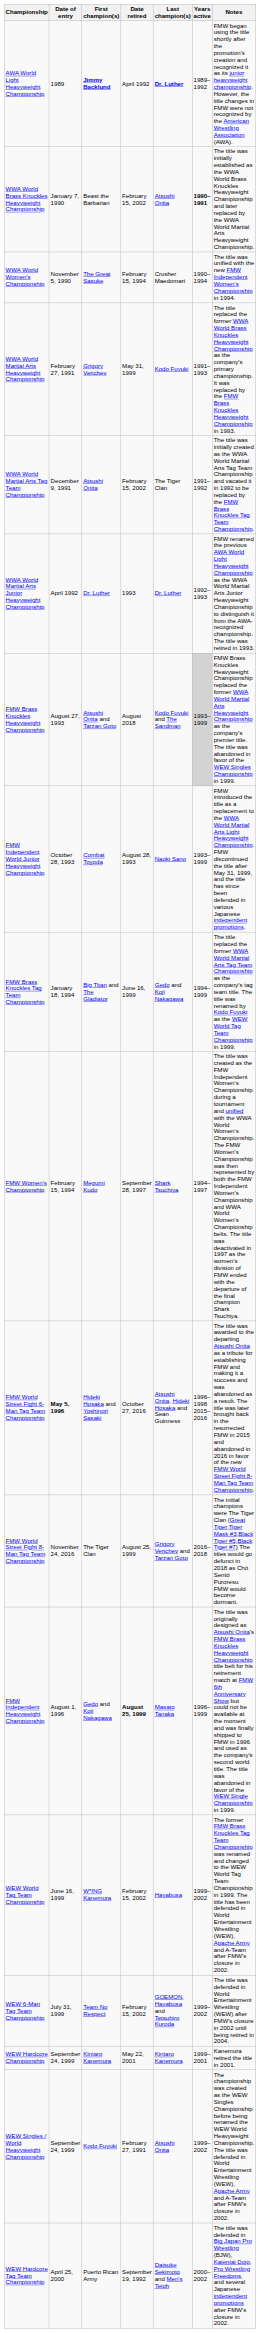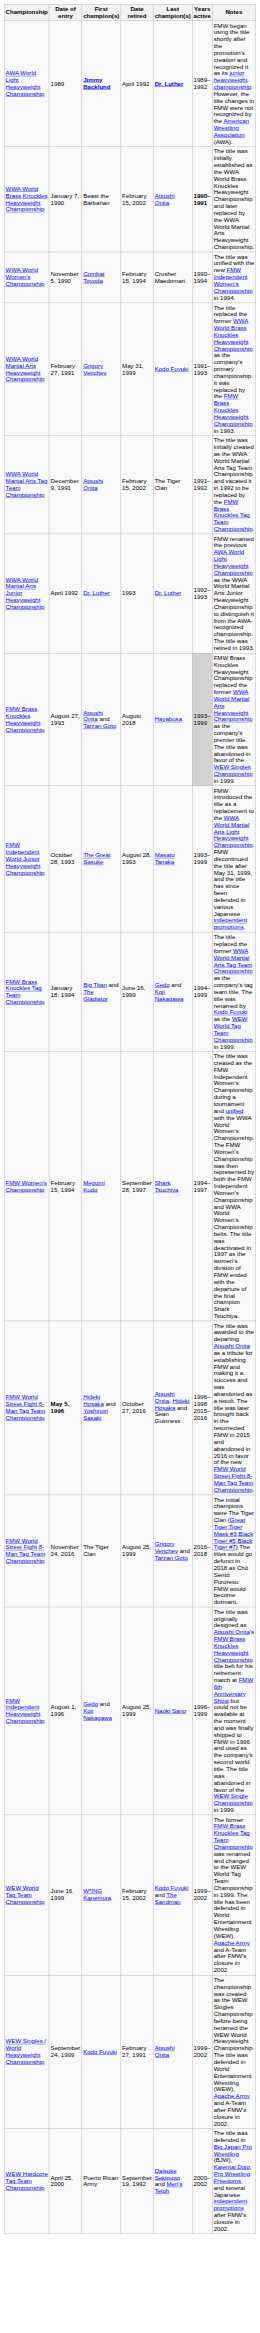 <table class="wikitable">
 <tr>
 <th>Championship</th>
 <th>Date of entry</th>
 <th>First champion(s)<br></th>
 <th>Date retired</th>
 <th>Last champion(s)<br></th>
 <th width="10%">Years active</th>
 <th>Notes</th>
 </tr>
 <tr>
 <td><a href='#'>AWA World Light Heavyweight Championship</a></td>
 <td>1989</td>
 <td><strong><a href='#'>Jimmy Backlund</a></strong></td>
 <td>April 1992</td>
 <td><strong><a href='#'>Dr. Luther</a></strong></td>
 <td>1989–1992</td>
 <td>FMW began using the title shortly after the promotion's creation and recognized it as its <a href='#'>junior heavyweight championship</a>. However, the title changes in FMW were not recognized by the <a href='#'>American Wrestling Association</a> (AWA).</td>
 </tr>
 <tr>
 <td><a href='#'>WWA World Brass Knuckles Heavyweight Championship</a></td>
 <td>January 7, 1990</td>
 <td>Beast the Barbarian</td>
 <td>February 15, 2002</td>
 <td><a href='#'>Atsushi Onita</a></td>
 <td><strong>1990–1991</strong></td>
 <td>The title was initially established as the WWA World Brass Knuckles Heavyweight Championship and later replaced by the WWA World Martial Arts Heavyweight Championship.</td>
 </tr>
 <tr>
 <td><a href='#'>WWA World Women's Championship</a></td>
 <td>November 5, 1990</td>
-<td><a href='#'>The Great Sasuke</a></td>
+<td><a href='#'>Combat Toyoda</a></td>
 <td>February 15, 1994</td>
 <td>Crusher Maedomari</td>
 <td>1990–1994</td>
 <td>The title was unified with the new <a href='#'>FMW Independent Women's Championship</a> in 1994.</td>
 </tr>
 <tr>
 <td><a href='#'>WWA World Martial Arts Heavyweight Championship</a></td>
 <td>February 27, 1991</td>
 <td><a href='#'>Grigory Verichev</a></td>
 <td>May 31, 1999</td>
 <td><a href='#'>Kodo Fuyuki</a></td>
 <td>1991–1993</td>
 <td>The title replaced the former <a href='#'>WWA World Brass Knuckles Heavyweight Championship</a> as the company's primary championship. It was replaced by the <a href='#'>FMW Brass Knuckles Heavyweight Championship</a> in 1993.</td>
 </tr>
 <tr>
 <td><a href='#'>WWA World Martial Arts Tag Team Championship</a></td>
 <td>December 9, 1991</td>
 <td><a href='#'>Atsushi Onita</a></td>
 <td>February 15, 2002</td>
 <td>The Tiger Clan</td>
 <td>1991–1992</td>
 <td>The title was initially created as the WWA World Martial Arts Tag Team Championship and vacated it in 1992 to be replaced by the <a href='#'>FMW Brass Knuckles Tag Team Championship</a>.</td>
 </tr>
 <tr>
 <td><a href='#'>WWA World Martial Arts Junior Heavyweight Championship</a></td>
 <td>April 1992</td>
 <td><a href='#'>Dr. Luther</a></td>
 <td>1993</td>
 <td><a href='#'>Dr. Luther</a></td>
 <td>1992–1993</td>
 <td>FMW renamed the previous <a href='#'>AWA World Light Heavyweight Championship</a> as the WWA World Martial Arts Junior Heavyweight Championship to distinguish it from the AWA-recognized championship. The title was retired in 1993.</td>
 </tr>
 <tr>
 <td><a href='#'>FMW Brass Knuckles Heavyweight Championship</a></td>
 <td>August 27, 1993</td>
 <td><a href='#'>Atsushi Onita</a> and <a href='#'>Tarzan Goto</a></td>
 <td>August 2018</td>
-<td><a href='#'>Kodo Fuyuki</a> and <a href='#'>The Sandman</a></td>
+<td><a href='#'>Hayabusa</a></td>
 <td style="background: lightgrey;">1993–1999</td>
 <td>FMW Brass Knuckles Heavyweight Championship replaced the former <a href='#'>WWA World Martial Arts Heavyweight Championship</a> as the company's premier title. The title was abandoned in favor of the <a href='#'>WEW Singles Championship</a> in 1999.</td>
 </tr>
 <tr>
 <td><a href='#'>FMW Independent World Junior Heavyweight Championship</a></td>
 <td>October 28, 1993</td>
-<td><a href='#'>Combat Toyoda</a></td>
+<td><a href='#'>The Great Sasuke</a></td>
 <td>August 28, 1993</td>
-<td><a href='#'>Naoki Sano</a></td>
+<td><a href='#'>Masato Tanaka</a></td>
 <td>1993–1999</td>
 <td>FMW introduced the title as a replacement to the <a href='#'>WWA World Martial Arts Light Heavyweight Championship</a>. FMW discontinued the title after May 31, 1999, and the title has since been defended in various Japanese <a href='#'>independent promotions</a>.</td>
 </tr>
 <tr>
 <td><a href='#'>FMW Brass Knuckles Tag Team Championship</a></td>
 <td>January 18, 1994</td>
 <td><a href='#'>Big Titan</a> and <a href='#'>The Gladiator</a></td>
 <td>June 16, 1999</td>
 <td><a href='#'>Gedo</a> and <a href='#'>Koji Nakagawa</a></td>
 <td>1994–1999</td>
 <td>The title replaced the former <a href='#'>WWA World Martial Arts Tag Team Championship</a> as the company's tag team title. The title was renamed by <a href='#'>Kodo Fuyuki</a> as the <a href='#'>WEW World Tag Team Championship</a> in 1999.</td>
 </tr>
 <tr>
 <td><a href='#'>FMW Women's Championship</a></td>
 <td>February 15, 1994</td>
 <td><a href='#'>Megumi Kudo</a></td>
 <td>September 28, 1997</td>
 <td><a href='#'>Shark Tsuchiya</a></td>
 <td>1994–1997</td>
 <td>The title was created as the FMW Independent Women's Championship during a tournament and <a href='#'>unified</a> with the WWA World Women's Championship. The FMW Women's Championship was then represented by both the FMW Independent Women's Championship and WWA World Women's Championship belts. The title was deactivated in 1997 as the women's division of FMW ended with the departure of the final champion Shark Tsuchiya.</td>
 </tr>
 <tr>
 <td><a href='#'>FMW World Street Fight 6-Man Tag Team Championship</a></td>
 <td><strong>May 5, 1996</strong></td>
 <td><a href='#'>Hideki Hosaka</a> and <a href='#'>Yoshinori Sasaki</a></td>
 <td>October 27, 2016</td>
 <td><a href='#'>Atsushi Onita</a>, <a href='#'>Hideki Hosaka</a> and Sean Guinness</td>
 <td>1996–1998<br>2015–2016</td>
 <td>The title was awarded to the departing <a href='#'>Atsushi Onita</a> as a tribute for establishing FMW and making it a success and was abandoned as a result. The title was later brought back in the resurrected FMW in 2015 and abandoned in 2016 in favor of the new <a href='#'>FMW World Street Fight 8-Man Tag Team Championship</a>.</td>
 </tr>
 <tr>
 <td><a href='#'>FMW World Street Fight 8-Man Tag Team Championship</a></td>
 <td>November 24, 2016</td>
 <td>The Tiger Clan</td>
 <td>August 25, 1999</td>
 <td><a href='#'>Grigory Verichev</a> and <a href='#'>Tarzan Goto</a></td>
 <td>2016–2018</td>
 <td>The initial champions were The Tiger Clan (<a href='#'>Great Tiger</a>,<a href='#'>Tiger Mask #3</a>,<a href='#'>Black Tiger #5</a>,<a href='#'>Black Tiger #7</a>) The titles would go defunct in 2018 as Chō Sentō Puroresu FMW would become dormant.</td>
 </tr>
 <tr>
 <td><a href='#'>FMW Independent Heavyweight Championship</a></td>
 <td>August 1, 1996</td>
 <td><a href='#'>Gedo</a> and <a href='#'>Koji Nakagawa</a></td>
-<td><strong>August 25, 1999</strong></td>
-<td><a href='#'>Masato Tanaka</a></td>
+<td>August 25, 1999</td>
+<td><a href='#'>Naoki Sano</a></td>
 <td>1996–1999</td>
 <td>The title was originally designed as <a href='#'>Atsushi Onita</a>'s <a href='#'>FMW Brass Knuckles Heavyweight Championship</a> title belt for his retirement match at <a href='#'>FMW 6th Anniversary Show</a> but could not be available at the moment and was finally shipped to FMW in 1996 and used as the company's second world title. The title was abandoned in favor of the <a href='#'>WEW Single Championship</a> in 1999.</td>
 </tr>
 <tr>
 <td><a href='#'>WEW World Tag Team Championship</a></td>
 <td>June 16, 1999</td>
 <td><a href='#'>W*ING Kanemura</a></td>
 <td>February 15, 2002</td>
-<td><a href='#'>Hayabusa</a></td>
+<td><a href='#'>Kodo Fuyuki</a> and <a href='#'>The Sandman</a></td>
 <td>1999–2002</td>
 <td>The former <a href='#'>FMW Brass Knuckles Tag Team Championship</a> was renamed and changed to the WEW World Tag Team Championship in 1999. The title has been defended in World Entertainment Wrestling (WEW), <a href='#'>Apache Army</a> and A-Team after FMW's closure in 2002.</td>
-</tr>
-<tr>
-<td><a href='#'>WEW 6-Man Tag Team Championship</a></td>
-<td>July 31, 1999</td>
-<td><a href='#'>Team No Respect</a><br></td>
-<td>February 15, 2002</td>
-<td><a href='#'>GOEMON</a>, <a href='#'>Hayabusa</a> and <a href='#'>Tetsuhiro Kuroda</a></td>
-<td>1999–2002</td>
-<td>The title was defended in World Entertainment Wrestling (WEW) after FMW's closure in 2002 until being retired in 2004.</td>
-</tr>
-<tr>
-<td><a href='#'>WEW Hardcore Championship</a></td>
-<td>September 24, 1999</td>
-<td><a href='#'>Kintaro Kanemura</a></td>
-<td>May 22, 2001</td>
-<td><a href='#'>Kintaro Kanemura</a></td>
-<td>1999–2001</td>
-<td>Kanemura retired the title in 2001.</td>
 </tr>
 <tr>
 <td><a href='#'>WEW Singles / World Heavyweight Championship</a></td>
 <td>September 24, 1999</td>
 <td><a href='#'>Kodo Fuyuki</a></td>
 <td>February 27, 1991</td>
 <td><a href='#'>Atsushi Onita</a></td>
 <td>1999–2002</td>
 <td>The championship was created as the WEW Singles Championship before being renamed the WEW World Heavyweight Championship. The title was defended in World Entertainment Wrestling (WEW), <a href='#'>Apache Army</a> and A-Team after FMW's closure in 2002.</td>
 </tr>
 <tr>
 <td><a href='#'>WEW Hardcore Tag Team Championship</a></td>
 <td>April 25, 2000</td>
 <td>Puerto Rican Army<br></td>
 <td>September 19, 1992</td>
 <td><a href='#'>Daisuke Sekimoto</a> and <a href='#'>Men's Teioh</a></td>
 <td>2000–2002</td>
 <td>The title was defended in <a href='#'>Big Japan Pro Wrestling</a> (BJW), <a href='#'>Kaientai Dojo</a>, <a href='#'>Pro Wrestling Freedoms</a>, and several Japanese <a href='#'>independent promotions</a> after FMW's closure in 2002.</td>
 </tr>
 </table>
